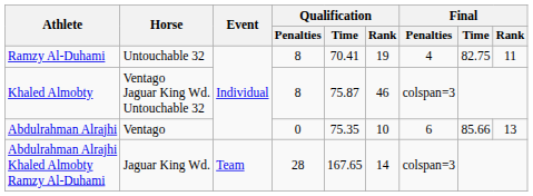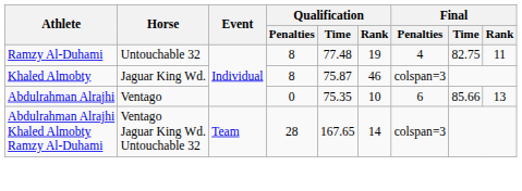 <table class="wikitable" style="font-size:90%">
 <tr>
 <th rowspan="2">Athlete</th>
 <th rowspan="2">Horse</th>
 <th rowspan="2">Event</th>
 <th colspan="3">Qualification</th>
 <th colspan="3">Final</th>
 </tr>
 <tr style="font-size:95%">
 <th>Penalties</th>
 <th>Time</th>
 <th>Rank</th>
 <th>Penalties</th>
 <th>Time</th>
 <th>Rank</th>
 </tr>
 <tr align=center>
 <td align=left><a href='#'>Ramzy Al-Duhami</a></td>
 <td align=left>Untouchable 32</td>
 <td align=left rowspan=3><a href='#'>Individual</a></td>
 <td>8</td>
-<td>70.41</td>
+<td>77.48</td>
 <td>19</td>
 <td>4</td>
 <td>82.75</td>
 <td>11</td>
 </tr>
 <tr align=center>
 <td align=left><a href='#'>Khaled Almobty</a></td>
-<td align=left>Ventago<br>Jaguar King Wd.<br>Untouchable 32</td>
+<td align=left>Jaguar King Wd.</td>
 <td>8</td>
 <td>75.87</td>
 <td>46</td>
 <td>colspan=3</td>
 </tr>
 <tr align=center>
 <td align=left><a href='#'>Abdulrahman Alrajhi</a></td>
 <td align=left>Ventago</td>
 <td>0</td>
 <td>75.35</td>
 <td>10</td>
 <td>6</td>
 <td>85.66</td>
 <td>13</td>
 </tr>
 <tr align=center>
 <td align=left><a href='#'>Abdulrahman Alrajhi</a><br><a href='#'>Khaled Almobty</a><br><a href='#'>Ramzy Al-Duhami</a></td>
-<td align=left>Jaguar King Wd.</td>
+<td align=left>Ventago<br>Jaguar King Wd.<br>Untouchable 32</td>
 <td align=left><a href='#'>Team</a></td>
 <td>28</td>
 <td>167.65</td>
 <td>14</td>
 <td>colspan=3</td>
 </tr>
 </table>
